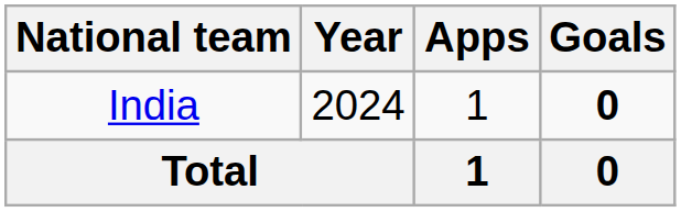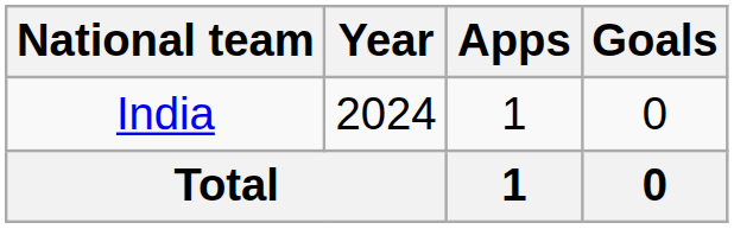 <table class="wikitable" style="text-align: center;">
 <tr>
 <th>National team</th>
 <th>Year</th>
 <th>Apps</th>
 <th>Goals</th>
 </tr>
 <tr>
 <td rowspan="1"><a href='#'>India</a></td>
 <td>2024</td>
 <td>1</td>
-<td><strong>0</strong></td>
+<td>0</td>
 </tr>
 <tr>
 <th colspan="2">Total</th>
 <th>1</th>
 <th>0</th>
 </tr>
 </table>
